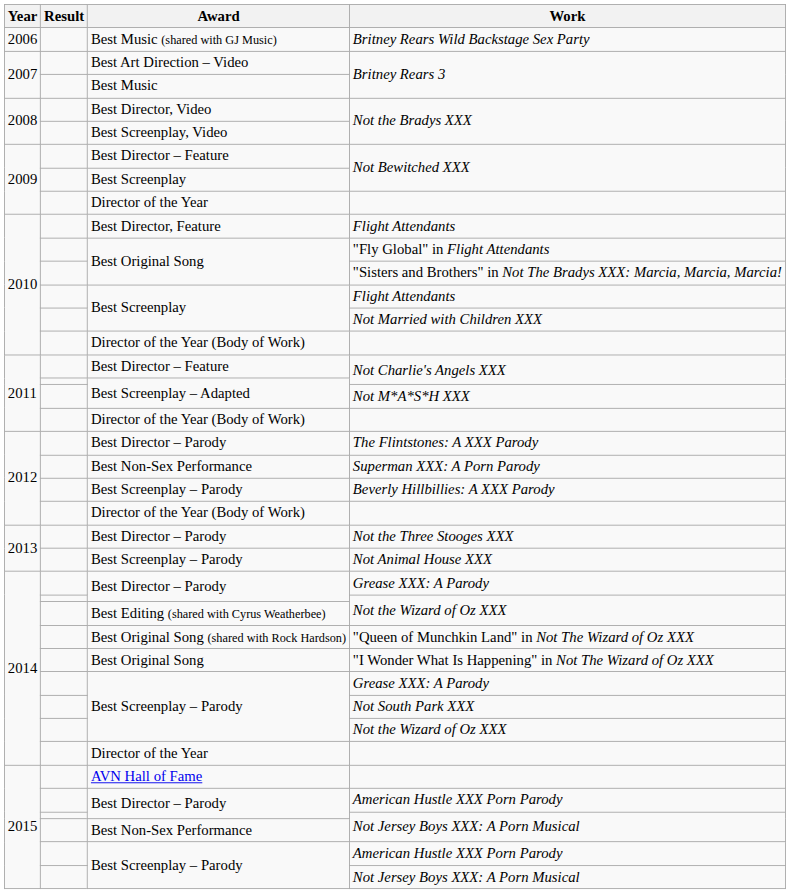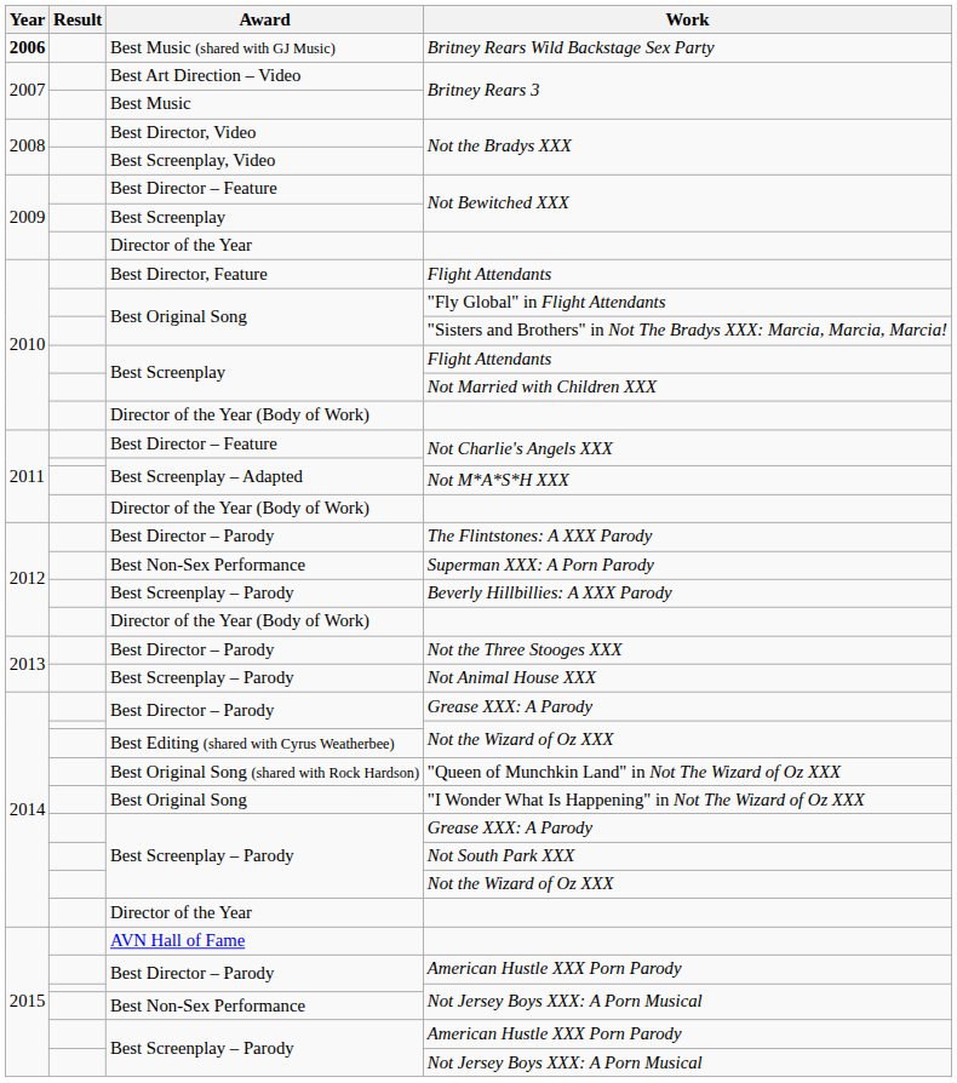 <table class="wikitable">
 <tr>
 <th>Year</th>
 <th>Result</th>
 <th>Award</th>
 <th>Work</th>
 </tr>
 <tr>
-<td>2006</td>
+<td><strong>2006</strong></td>
 <td></td>
 <td>Best Music <small>(shared with GJ Music)</small></td>
 <td><em>Britney Rears Wild Backstage Sex Party</em></td>
 </tr>
 <tr>
 <td rowspan="2">2007</td>
 <td></td>
 <td>Best Art Direction – Video</td>
 <td rowspan="2"><em>Britney Rears 3</em></td>
 </tr>
 <tr>
 <td></td>
 <td>Best Music</td>
 </tr>
 <tr>
 <td rowspan="2">2008</td>
 <td></td>
 <td>Best Director, Video</td>
 <td rowspan="2"><em>Not the Bradys XXX</em></td>
 </tr>
 <tr>
 <td></td>
 <td>Best Screenplay, Video</td>
 </tr>
 <tr>
 <td rowspan="3">2009</td>
 <td></td>
 <td>Best Director – Feature</td>
 <td rowspan="2"><em>Not Bewitched XXX</em></td>
 </tr>
 <tr>
 <td></td>
 <td>Best Screenplay</td>
 </tr>
 <tr>
 <td></td>
 <td>Director of the Year</td>
 <td></td>
 </tr>
 <tr>
 <td rowspan="6">2010</td>
 <td></td>
 <td>Best Director, Feature</td>
 <td><em>Flight Attendants</em></td>
 </tr>
 <tr>
 <td></td>
 <td rowspan="2">Best Original Song</td>
 <td>"Fly Global" in <em>Flight Attendants</em></td>
 </tr>
 <tr>
 <td></td>
 <td>"Sisters and Brothers" in <em>Not The Bradys XXX: Marcia, Marcia, Marcia!</em></td>
 </tr>
 <tr>
 <td></td>
 <td rowspan="2">Best Screenplay</td>
 <td><em>Flight Attendants</em></td>
 </tr>
 <tr>
 <td></td>
 <td><em>Not Married with Children XXX</em></td>
 </tr>
 <tr>
 <td></td>
 <td>Director of the Year (Body of Work)</td>
 <td></td>
 </tr>
 <tr>
 <td rowspan="4">2011</td>
 <td></td>
 <td>Best Director – Feature</td>
 <td rowspan="2"><em>Not Charlie's Angels XXX</em></td>
 </tr>
 <tr>
 <td></td>
 <td rowspan="2">Best Screenplay – Adapted</td>
 </tr>
 <tr>
 <td></td>
 <td><em>Not M*A*S*H XXX</em></td>
 </tr>
 <tr>
 <td></td>
 <td>Director of the Year (Body of Work)</td>
 <td></td>
 </tr>
 <tr>
 <td rowspan="4">2012</td>
 <td></td>
 <td>Best Director – Parody</td>
 <td><em>The Flintstones: A XXX Parody</em></td>
 </tr>
 <tr>
 <td></td>
 <td>Best Non-Sex Performance</td>
 <td><em>Superman XXX: A Porn Parody</em></td>
 </tr>
 <tr>
 <td></td>
 <td>Best Screenplay – Parody</td>
 <td><em>Beverly Hillbillies: A XXX Parody</em></td>
 </tr>
 <tr>
 <td></td>
 <td>Director of the Year (Body of Work)</td>
 <td></td>
 </tr>
 <tr>
 <td rowspan="2">2013</td>
 <td></td>
 <td>Best Director – Parody</td>
 <td><em>Not the Three Stooges XXX</em></td>
 </tr>
 <tr>
 <td></td>
 <td>Best Screenplay – Parody</td>
 <td><em>Not Animal House XXX</em></td>
 </tr>
 <tr>
 <td rowspan="9">2014</td>
 <td></td>
 <td rowspan="2">Best Director – Parody</td>
 <td><em>Grease XXX: A Parody</em></td>
 </tr>
 <tr>
 <td></td>
 <td rowspan="2"><em>Not the Wizard of Oz XXX</em></td>
 </tr>
 <tr>
 <td></td>
 <td>Best Editing <small>(shared with Cyrus Weatherbee)</small></td>
 </tr>
 <tr>
 <td></td>
 <td>Best Original Song <small>(shared with Rock Hardson)</small></td>
 <td>"Queen of Munchkin Land" in <em>Not The Wizard of Oz XXX</em></td>
 </tr>
 <tr>
 <td></td>
 <td>Best Original Song</td>
 <td>"I Wonder What Is Happening" in <em>Not The Wizard of Oz XXX</em></td>
 </tr>
 <tr>
 <td></td>
 <td rowspan="3">Best Screenplay – Parody</td>
 <td><em>Grease XXX: A Parody</em></td>
 </tr>
 <tr>
 <td></td>
 <td><em>Not South Park XXX</em></td>
 </tr>
 <tr>
 <td></td>
 <td><em>Not the Wizard of Oz XXX</em></td>
 </tr>
 <tr>
 <td></td>
 <td>Director of the Year</td>
 <td></td>
 </tr>
 <tr>
 <td rowspan="6">2015</td>
 <td></td>
 <td><a href='#'>AVN Hall of Fame</a></td>
 <td></td>
 </tr>
 <tr>
 <td></td>
 <td rowspan="2">Best Director – Parody</td>
 <td><em>American Hustle XXX Porn Parody</em></td>
 </tr>
 <tr>
 <td></td>
 <td rowspan="2"><em>Not Jersey Boys XXX: A Porn Musical</em></td>
 </tr>
 <tr>
 <td></td>
 <td>Best Non-Sex Performance</td>
 </tr>
 <tr>
 <td></td>
 <td rowspan="2">Best Screenplay – Parody</td>
 <td><em>American Hustle XXX Porn Parody</em></td>
 </tr>
 <tr>
 <td></td>
 <td><em>Not Jersey Boys XXX: A Porn Musical</em></td>
 </tr>
 </table>
